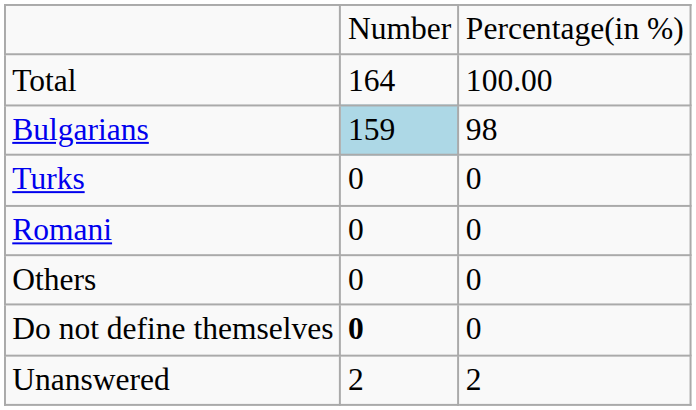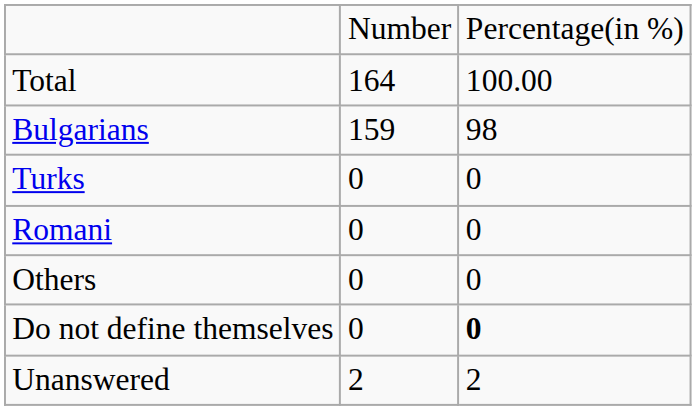 <table class="wikitable">
 <tr>
 <td></td>
 <td>Number</td>
 <td>Percentage(in %)</td>
 </tr>
 <tr>
 <td>Total</td>
 <td>164</td>
 <td>100.00</td>
 </tr>
 <tr>
 <td><a href='#'>Bulgarians</a></td>
-<td style="background: lightblue;">159</td>
+<td>159</td>
 <td>98</td>
 </tr>
 <tr>
 <td><a href='#'>Turks</a></td>
 <td>0</td>
 <td>0</td>
 </tr>
 <tr>
 <td><a href='#'>Romani</a></td>
 <td>0</td>
 <td>0</td>
 </tr>
 <tr>
 <td>Others</td>
 <td>0</td>
 <td>0</td>
 </tr>
 <tr>
 <td>Do not define themselves</td>
+<td>0</td>
 <td><strong>0</strong></td>
-<td>0</td>
 </tr>
 <tr>
 <td>Unanswered</td>
 <td>2</td>
 <td>2</td>
 </tr>
 </table>
